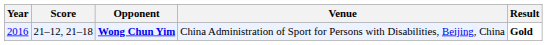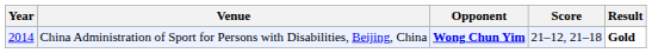 <table class="sortable wikitable" style="font-size: 90%;">
 <tr>
 <th>Year</th>
+<th>Venue</th>
+<th>Opponent</th>
 <th>Score</th>
-<th>Opponent</th>
-<th>Venue</th>
 <th>Result</th>
 </tr>
 <tr style="background:#ECF2FF">
-<td align="center"><a href='#'>2016</a></td>
+<td align="center"><a href='#'>2014</a></td>
+<td align="left">China Administration of Sport for Persons with Disabilities, <a href='#'>Beijing</a>, China</td>
+<td align="left"><strong> <a href='#'>Wong Chun Yim</a></strong></td>
 <td align="left">21–12, 21–18</td>
-<td align="left"><strong> <a href='#'>Wong Chun Yim</a></strong></td>
-<td align="left">China Administration of Sport for Persons with Disabilities, <a href='#'>Beijing</a>, China</td>
 <td style="text-align:left; background:white"> <strong>Gold</strong></td>
 </tr>
 </table>
